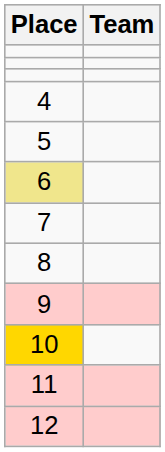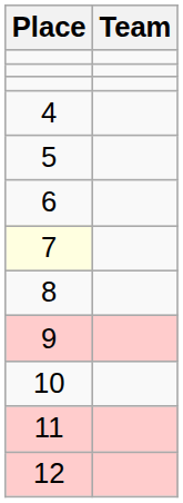 <table class="wikitable">
 <tr>
 <th>Place</th>
 <th>Team</th>
 </tr>
 <tr>
 <td align=center></td>
 <td></td>
 </tr>
 <tr>
 <td align=center></td>
 <td></td>
 </tr>
 <tr>
 <td align=center></td>
 <td></td>
 </tr>
 <tr>
 <td align=center>4</td>
 <td></td>
 </tr>
 <tr>
 <td align=center>5</td>
 <td></td>
 </tr>
 <tr>
-<td align=center style="background: khaki;">6</td>
+<td align=center>6</td>
 <td></td>
 </tr>
 <tr>
-<td align=center>7</td>
+<td align=center style="background: lightyellow;">7</td>
 <td></td>
 </tr>
 <tr>
 <td align=center>8</td>
 <td></td>
 </tr>
 <tr bgcolor=#ffcccc>
 <td align=center>9</td>
 <td></td>
 </tr>
 <tr>
-<td align=center style="background: gold;">10</td>
+<td align=center>10</td>
 <td></td>
 </tr>
 <tr bgcolor=#ffcccc>
 <td align=center>11</td>
 <td></td>
 </tr>
 <tr bgcolor=#ffcccc>
 <td align=center>12</td>
 <td></td>
 </tr>
 </table>
